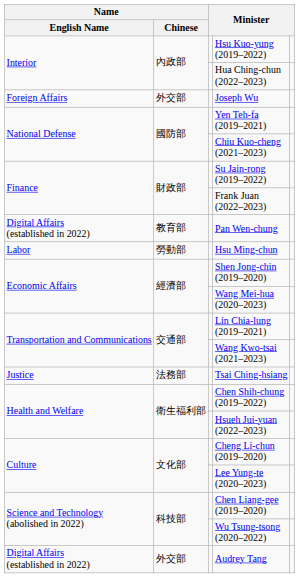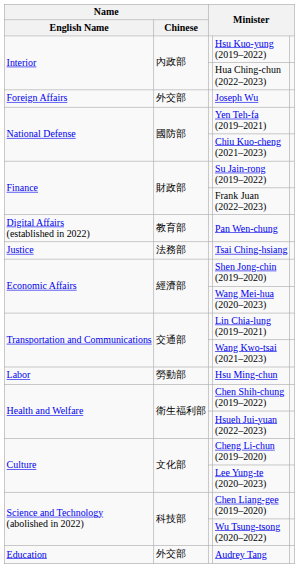 <table class="wikitable sortable">
 <tr>
 <th colspan="2">Name</th>
 <th colspan="3" rowspan="2">Minister</th>
 </tr>
 <tr>
 <th>English Name</th>
 <th>Chinese</th>
 </tr>
 <tr>
 <td rowspan=2><a href='#'>Interior</a></td>
 <td rowspan=2>內政部</td>
 <td style="background:"></td>
 <td><a href='#'>Hsu Kuo-yung</a> <br>(2019–2022)</td>
 <td></td>
 </tr>
 <tr>
 <td style="background:"></td>
 <td>Hua Ching-chun <br>(2022–2023)</td>
 <td></td>
 </tr>
 <tr>
 <td><a href='#'>Foreign Affairs</a></td>
 <td>外交部</td>
 <td style="background:"></td>
 <td><a href='#'>Joseph Wu</a></td>
 <td></td>
 </tr>
 <tr>
 <td rowspan=2><a href='#'>National Defense</a></td>
 <td rowspan=2>國防部</td>
 <td style="background:"></td>
 <td><a href='#'>Yen Teh-fa</a> <br>(2019–2021)</td>
 <td></td>
 </tr>
 <tr>
 <td style="background:"></td>
 <td><a href='#'>Chiu Kuo-cheng</a> <br>(2021–2023)</td>
 <td></td>
 </tr>
 <tr>
 <td rowspan=2><a href='#'>Finance</a></td>
 <td rowspan=2>財政部</td>
 <td style="background:"></td>
 <td><a href='#'>Su Jain-rong</a> <br>(2019–2022)</td>
 <td></td>
 </tr>
 <tr>
 <td style="background:"></td>
 <td>Frank Juan <br>(2022–2023)</td>
 <td></td>
 </tr>
 <tr>
 <td><a href='#'>Digital Affairs</a> <br>(established in 2022)</td>
 <td>教育部</td>
 <td style="background:"></td>
 <td><a href='#'>Pan Wen-chung</a></td>
 <td></td>
 </tr>
 <tr>
-<td><a href='#'>Labor</a></td>
-<td>勞動部</td>
+<td><a href='#'>Justice</a></td>
+<td>法務部</td>
 <td style="background:"></td>
-<td><a href='#'>Hsu Ming-chun</a></td>
+<td><a href='#'>Tsai Ching-hsiang</a></td>
 <td></td>
 </tr>
 <tr>
 <td rowspan=2><a href='#'>Economic Affairs</a></td>
 <td rowspan=2>經濟部</td>
 <td style="background:"></td>
 <td><a href='#'>Shen Jong-chin</a><br>(2019–2020)</td>
 <td></td>
 </tr>
 <tr>
 <td style="background:"></td>
 <td><a href='#'>Wang Mei-hua</a><br>(2020–2023)</td>
 <td></td>
 </tr>
 <tr>
 <td rowspan=2><a href='#'>Transportation and Communications</a></td>
 <td rowspan=2>交通部</td>
 <td style="background:"></td>
 <td><a href='#'>Lin Chia-lung</a> <br>(2019–2021)</td>
 <td></td>
 </tr>
 <tr>
 <td style="background:"></td>
 <td><a href='#'>Wang Kwo-tsai</a><br>(2021–2023)</td>
 <td></td>
 </tr>
 <tr>
-<td><a href='#'>Justice</a></td>
-<td>法務部</td>
+<td><a href='#'>Labor</a></td>
+<td>勞動部</td>
 <td style="background:"></td>
-<td><a href='#'>Tsai Ching-hsiang</a></td>
+<td><a href='#'>Hsu Ming-chun</a></td>
 <td></td>
 </tr>
 <tr>
 <td rowspan="2"><a href='#'>Health and Welfare</a></td>
 <td rowspan="2">衛生福利部</td>
 <td style="background:"></td>
 <td><a href='#'>Chen Shih-chung</a><br>(2019–2022)</td>
 <td></td>
 </tr>
 <tr>
 <td style="background:"></td>
 <td><a href='#'>Hsueh Jui-yuan</a><br>(2022–2023)</td>
 <td></td>
 </tr>
 <tr>
 <td rowspan=2><a href='#'>Culture</a></td>
 <td rowspan=2>文化部</td>
 <td style="background:"></td>
 <td><a href='#'>Cheng Li-chun</a><br>(2019–2020)</td>
 <td></td>
 </tr>
 <tr>
 <td style="background:"></td>
 <td><a href='#'>Lee Yung-te</a><br>(2020–2023)</td>
 <td></td>
 </tr>
 <tr>
 <td rowspan=2><a href='#'>Science and Technology</a> <br>(abolished in 2022)</td>
 <td rowspan=2>科技部</td>
 <td style="background:"></td>
 <td><a href='#'>Chen Liang-gee</a><br>(2019–2020)</td>
 <td></td>
 </tr>
 <tr>
 <td style="background:"></td>
 <td><a href='#'>Wu Tsung-tsong</a><br>(2020–2022)</td>
 <td></td>
 </tr>
 <tr>
-<td><a href='#'>Digital Affairs</a> <br>(established in 2022)</td>
+<td><a href='#'>Education</a></td>
 <td>外交部</td>
 <td style="background:"></td>
 <td><a href='#'>Audrey Tang</a></td>
 <td></td>
 </tr>
 </table>
